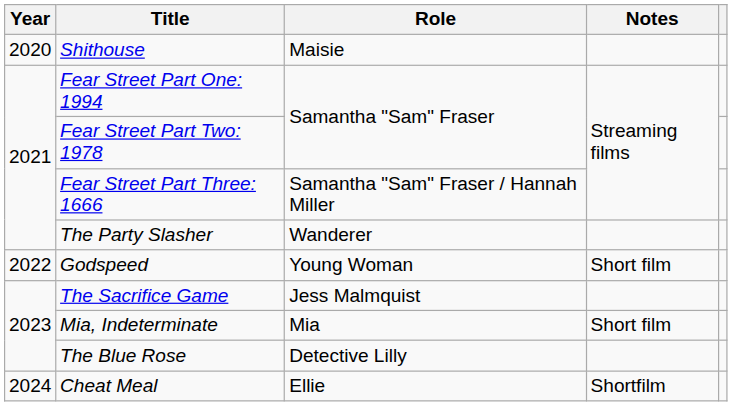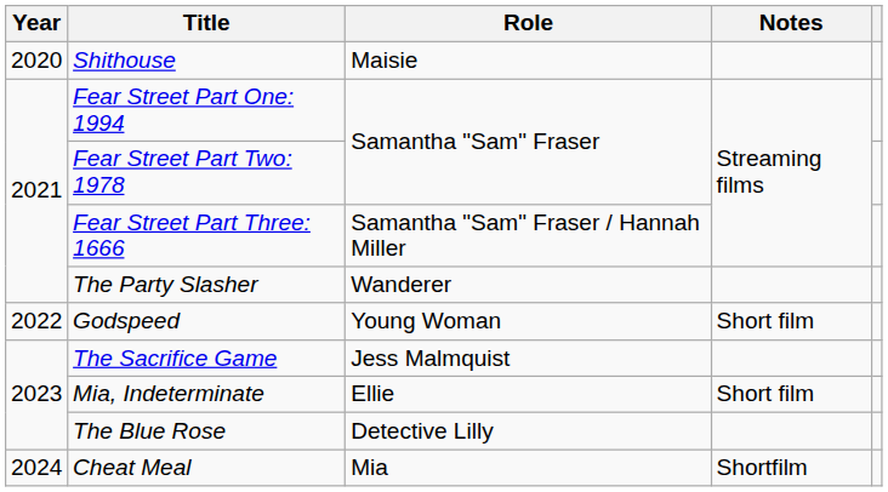 <table class="wikitable sortable">
 <tr>
 <th>Year</th>
 <th>Title</th>
 <th>Role</th>
 <th class="unsortable">Notes</th>
 <th class=unsortable></th>
 </tr>
 <tr>
 <td>2020</td>
 <td><em><a href='#'>Shithouse</a></em></td>
 <td>Maisie</td>
 <td></td>
 <td></td>
 </tr>
 <tr>
 <td rowspan="4">2021</td>
 <td><em><a href='#'>Fear Street Part One: 1994</a></em></td>
 <td rowspan="2">Samantha "Sam" Fraser</td>
 <td rowspan="3">Streaming films</td>
 <td></td>
 </tr>
 <tr>
 <td><em><a href='#'>Fear Street Part Two: 1978</a></em></td>
 <td></td>
 </tr>
 <tr>
 <td><em><a href='#'>Fear Street Part Three: 1666</a></em></td>
 <td>Samantha "Sam" Fraser / Hannah Miller</td>
 <td></td>
 </tr>
 <tr>
 <td><em>The Party Slasher</em></td>
 <td>Wanderer</td>
 <td></td>
 <td></td>
 </tr>
 <tr>
 <td>2022</td>
 <td><em>Godspeed</em></td>
 <td>Young Woman</td>
 <td>Short film</td>
 <td></td>
 </tr>
 <tr>
 <td rowspan="3">2023</td>
 <td><em><a href='#'>The Sacrifice Game</a></em></td>
 <td>Jess Malmquist</td>
 <td></td>
 <td></td>
 </tr>
 <tr>
 <td><em>Mia, Indeterminate</em></td>
-<td>Mia</td>
+<td>Ellie</td>
 <td>Short film</td>
 <td></td>
 </tr>
 <tr>
 <td><em>The Blue Rose</em></td>
 <td>Detective Lilly</td>
 <td></td>
 <td></td>
 </tr>
 <tr>
 <td>2024</td>
 <td><em>Cheat Meal</em></td>
-<td>Ellie</td>
+<td>Mia</td>
 <td>Shortfilm</td>
 <td></td>
 </tr>
 </table>
